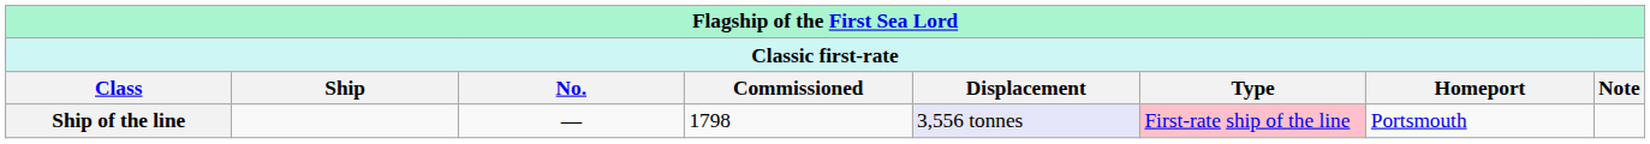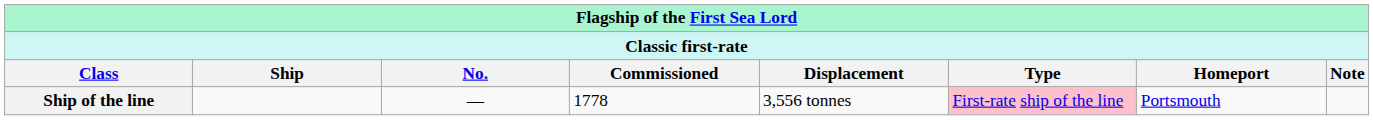 <table class="wikitable" style="margin:auto; width:100%;">
 <tr>
 <th style="align: center; background: #A9F5D0;" colspan="8">Flagship of the <a href='#'>First Sea Lord</a></th>
 </tr>
 <tr>
 <th style="align: center; background: #CEF6F5;" colspan="8">Classic first-rate</th>
 </tr>
 <tr>
 <th style="text-align:center; width:14%;"><a href='#'>Class</a></th>
 <th style="text-align:center; width:14%;">Ship</th>
 <th style="text-align:center; width:14%;"><a href='#'>No.</a></th>
 <th style="text-align:center; width:14%;">Commissioned</th>
 <th style="text-align:center; width:14%;">Displacement</th>
 <th style="text-align:center; width:14%;">Type</th>
 <th style="text-align:center; width:14%;">Homeport</th>
 <th style="text-align:center; width:2%;">Note</th>
 </tr>
 <tr>
 <th rowspan="1">Ship of the line</th>
 <td></td>
 <td align="center">—</td>
-<td>1798<small></small></td>
-<td style="background: lavender;">3,556 tonnes</td>
+<td>1778<small></small></td>
+<td>3,556 tonnes</td>
 <td style="background: pink;"><a href='#'>First-rate</a> <a href='#'>ship of the line</a></td>
 <td><a href='#'>Portsmouth</a></td>
 <td></td>
 </tr>
 </table>
